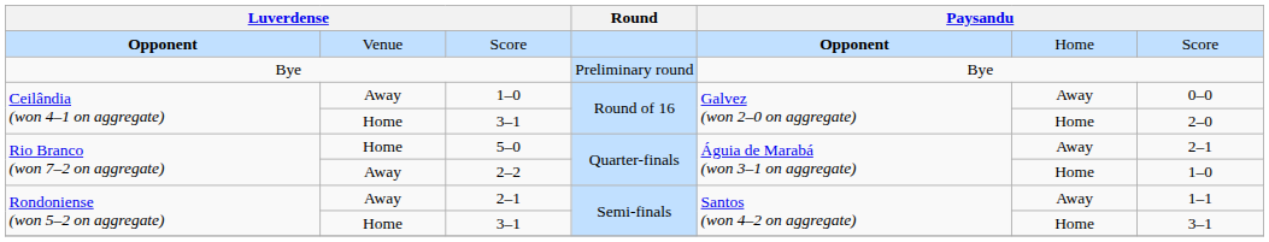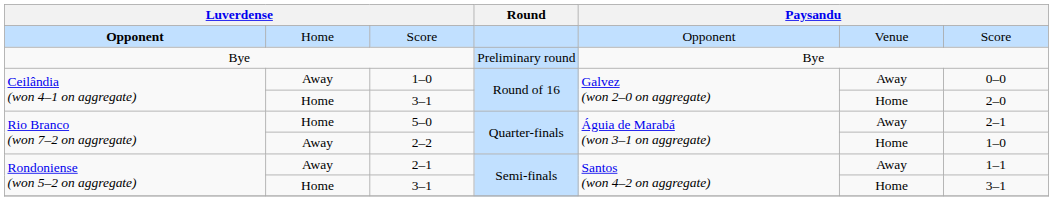 <table class="wikitable" style="text-align: center;">
 <tr>
 <th colspan=3> <a href='#'>Luverdense</a></th>
 <th>Round</th>
 <th colspan=3> <a href='#'>Paysandu</a></th>
 </tr>
 <tr bgcolor=#c1e0ff>
 <td width=25%><strong>Opponent</strong></td>
-<td width=10%>Venue</td>
+<td>Home</td>
 <td width=10%>Score</td>
 <td width=10%></td>
-<td width=25%><strong>Opponent</strong></td>
-<td>Home</td>
+<td width=25%>Opponent</td>
+<td width=10%>Venue</td>
 <td width=10%>Score</td>
 </tr>
 <tr>
 <td colspan="3" rowspan="1">Bye</td>
 <td rowspan=1 bgcolor=#c1e0ff>Preliminary round</td>
 <td colspan="3" rowspan="1">Bye</td>
 </tr>
 <tr>
 <td rowspan=2 align=left> <a href='#'>Ceilândia</a><br><em>(won 4–1 on aggregate)</em></td>
 <td>Away</td>
 <td>1–0</td>
 <td rowspan=2 bgcolor=#c1e0ff>Round of 16</td>
 <td rowspan=2 align=left> <a href='#'>Galvez</a><br><em>(won 2–0 on aggregate)</em></td>
 <td>Away</td>
 <td>0–0</td>
 </tr>
 <tr>
 <td>Home</td>
 <td>3–1</td>
 <td>Home</td>
 <td>2–0</td>
 </tr>
 <tr>
 <td rowspan=2 align=left> <a href='#'>Rio Branco</a><br><em>(won 7–2 on aggregate)</em></td>
 <td>Home</td>
 <td>5–0</td>
 <td rowspan=2 bgcolor=#c1e0ff>Quarter-finals</td>
 <td rowspan=2 align=left> <a href='#'>Águia de Marabá</a><br><em>(won 3–1 on aggregate)</em></td>
 <td>Away</td>
 <td>2–1</td>
 </tr>
 <tr>
 <td>Away</td>
 <td>2–2</td>
 <td>Home</td>
 <td>1–0</td>
 </tr>
 <tr>
 <td rowspan=2 align=left> <a href='#'>Rondoniense</a><br><em>(won 5–2 on aggregate)</em></td>
 <td>Away</td>
 <td>2–1</td>
 <td rowspan=2 bgcolor=#c1e0ff>Semi-finals</td>
 <td rowspan=2 align=left> <a href='#'>Santos</a><br><em>(won 4–2 on aggregate)</em></td>
 <td>Away</td>
 <td>1–1</td>
 </tr>
 <tr>
 <td>Home</td>
 <td>3–1</td>
 <td>Home</td>
 <td>3–1</td>
 </tr>
 <tr>
 </tr>
 </table>
